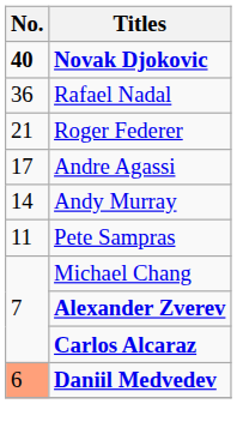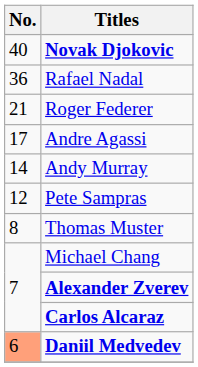 <table class="wikitable" style="display: inline-table;">
 <tr>
 <th width=20>No.</th>
 <th>Titles</th>
 </tr>
 <tr>
-<td><strong>40</strong></td>
+<td>40</td>
 <td> <strong><a href='#'>Novak Djokovic</a></strong></td>
 </tr>
 <tr>
 <td>36</td>
 <td> <a href='#'>Rafael Nadal</a></td>
 </tr>
 <tr>
 <td>21</td>
 <td> <a href='#'>Roger Federer</a></td>
 </tr>
 <tr>
 <td>17</td>
 <td> <a href='#'>Andre Agassi</a></td>
 </tr>
 <tr>
 <td>14</td>
 <td> <a href='#'>Andy Murray</a></td>
 </tr>
 <tr>
-<td>11</td>
+<td>12</td>
 <td> <a href='#'>Pete Sampras</a></td>
+</tr>
+<tr>
+<td>8</td>
+<td> <a href='#'>Thomas Muster</a></td>
 </tr>
 <tr>
 <td rowspan=3>7</td>
 <td> <a href='#'>Michael Chang</a></td>
 </tr>
 <tr>
 <td> <strong><a href='#'>Alexander Zverev</a></strong></td>
 </tr>
 <tr>
 <td> <strong><a href='#'>Carlos Alcaraz</a></strong></td>
 </tr>
 <tr>
 <td style="background: lightsalmon;">6</td>
 <td> <strong><a href='#'>Daniil Medvedev</a></strong></td>
 </tr>
 <tr>
 </tr>
 </table>
